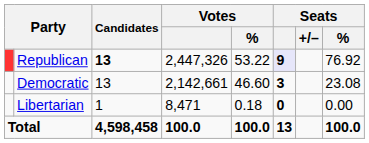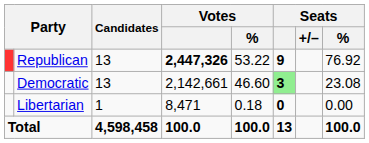 <table class="wikitable" style="font-size: 95%;">
 <tr>
 <th colspan="2" rowspan="2">Party</th>
 <th rowspan="2"><small>Candi</small><small>dates</small></th>
 <th colspan="2">Votes</th>
 <th colspan="3">Seats</th>
 </tr>
 <tr>
 <th></th>
 <th>%</th>
 <th></th>
 <th>+/–</th>
 <th>%</th>
 </tr>
 <tr>
 <th style="background-color:#FF3333; width: 3px"></th>
 <td align="left"><a href='#'>Republican</a></td>
-<td><strong>13</strong></td>
-<td>2,447,326</td>
+<td>13</td>
+<td><strong>2,447,326</strong></td>
 <td>53.22</td>
-<td style="background: lavender;"><strong>9</strong></td>
+<td><strong>9</strong></td>
 <td></td>
 <td>76.92</td>
 </tr>
 <tr>
 <td style="background:"></td>
 <td align="left"><a href='#'>Democratic</a></td>
 <td>13</td>
 <td>2,142,661</td>
 <td>46.60</td>
-<td><strong>3</strong></td>
+<td style="background: lightgreen;"><strong>3</strong></td>
 <td></td>
 <td>23.08</td>
 </tr>
 <tr>
 <td style="background:"></td>
 <td align="left"><a href='#'>Libertarian</a></td>
 <td>1</td>
 <td>8,471</td>
 <td>0.18</td>
 <td><strong>0</strong></td>
 <td></td>
 <td>0.00</td>
 </tr>
 <tr style="font-weight:bold">
 <td colspan="2" align="left">Total</td>
 <td>4,598,458</td>
 <td>100.0</td>
 <td>100.0</td>
 <td><strong>13</strong></td>
 <td></td>
 <td>100.0</td>
 </tr>
 </table>
